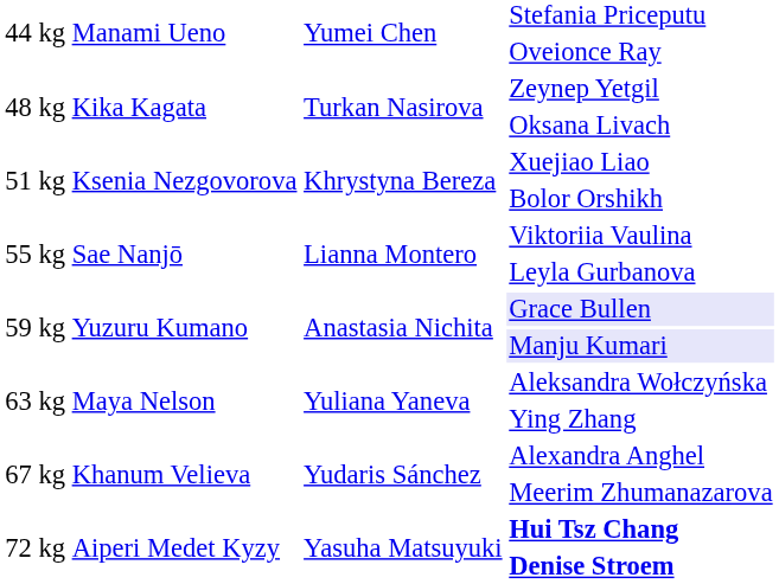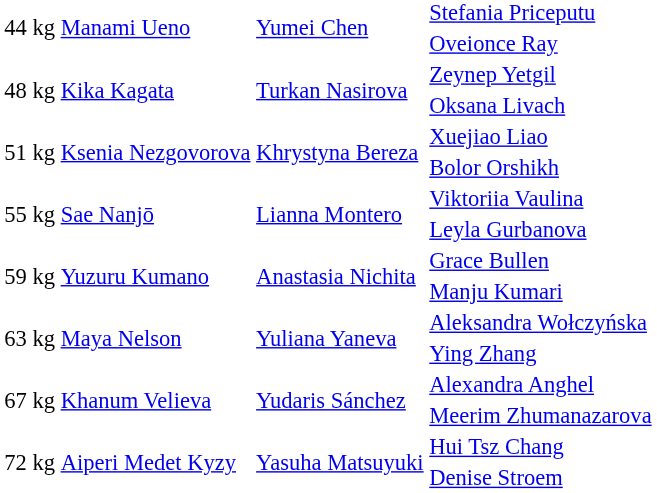 <table>
 <tr>
 <td rowspan=2>44 kg</td>
 <td rowspan=2> <a href='#'>Manami Ueno</a></td>
 <td rowspan=2> <a href='#'>Yumei Chen</a></td>
 <td> <a href='#'>Stefania Priceputu</a></td>
 </tr>
 <tr>
 <td> <a href='#'>Oveionce Ray</a></td>
 </tr>
 <tr>
 <td rowspan=2>48 kg</td>
 <td rowspan=2> <a href='#'>Kika Kagata</a></td>
 <td rowspan=2> <a href='#'>Turkan Nasirova</a></td>
 <td> <a href='#'>Zeynep Yetgil</a></td>
 </tr>
 <tr>
 <td> <a href='#'>Oksana Livach</a></td>
 </tr>
 <tr>
 <td rowspan=2>51 kg</td>
 <td rowspan=2> <a href='#'>Ksenia Nezgovorova</a></td>
 <td rowspan=2> <a href='#'>Khrystyna Bereza</a></td>
 <td> <a href='#'>Xuejiao Liao</a></td>
 </tr>
 <tr>
 <td> <a href='#'>Bolor Orshikh</a></td>
 </tr>
 <tr>
 <td rowspan=2>55 kg</td>
 <td rowspan=2> <a href='#'>Sae Nanjō</a></td>
 <td rowspan=2> <a href='#'>Lianna Montero</a></td>
 <td> <a href='#'>Viktoriia Vaulina</a></td>
 </tr>
 <tr>
 <td> <a href='#'>Leyla Gurbanova</a></td>
 </tr>
 <tr>
 <td rowspan=2>59 kg</td>
 <td rowspan=2> <a href='#'>Yuzuru Kumano</a></td>
 <td rowspan=2> <a href='#'>Anastasia Nichita</a></td>
-<td style="background: lavender;"> <a href='#'>Grace Bullen</a></td>
+<td> <a href='#'>Grace Bullen</a></td>
 </tr>
 <tr>
-<td style="background: lavender;"> <a href='#'>Manju Kumari</a></td>
+<td> <a href='#'>Manju Kumari</a></td>
 </tr>
 <tr>
 <td rowspan=2>63 kg</td>
 <td rowspan=2> <a href='#'>Maya Nelson</a></td>
 <td rowspan=2> <a href='#'>Yuliana Yaneva</a></td>
 <td> <a href='#'>Aleksandra Wołczyńska</a></td>
 </tr>
 <tr>
 <td> <a href='#'>Ying Zhang</a></td>
 </tr>
 <tr>
 <td rowspan=2>67 kg</td>
 <td rowspan=2> <a href='#'>Khanum Velieva</a></td>
 <td rowspan=2> <a href='#'>Yudaris Sánchez</a></td>
 <td> <a href='#'>Alexandra Anghel</a></td>
 </tr>
 <tr>
 <td> <a href='#'>Meerim Zhumanazarova</a></td>
 </tr>
 <tr>
 <td rowspan=2>72 kg</td>
 <td rowspan=2> <a href='#'>Aiperi Medet Kyzy</a></td>
 <td rowspan=2> <a href='#'>Yasuha Matsuyuki</a></td>
-<td><strong> <a href='#'>Hui Tsz Chang</a></strong></td>
+<td> <a href='#'>Hui Tsz Chang</a></td>
 </tr>
 <tr>
-<td><strong> <a href='#'>Denise Stroem</a></strong></td>
+<td> <a href='#'>Denise Stroem</a></td>
 </tr>
 </table>
